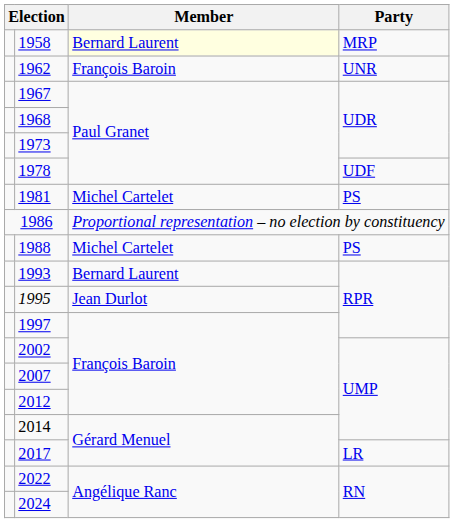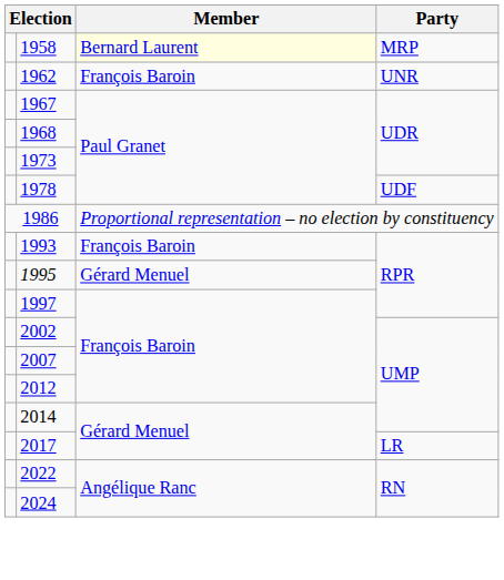 <table class="wikitable">
 <tr>
 <th colspan="2">Election</th>
 <th>Member</th>
 <th>Party</th>
 </tr>
 <tr>
 <td style="color:inherit;background-color: "></td>
 <td><a href='#'>1958</a></td>
 <td style="background: lightyellow;"><a href='#'>Bernard Laurent</a></td>
 <td><a href='#'>MRP</a></td>
 </tr>
 <tr>
 <td style="color:inherit;background-color: "></td>
 <td><a href='#'>1962</a></td>
 <td><a href='#'>François Baroin</a></td>
 <td><a href='#'>UNR</a></td>
 </tr>
 <tr>
 <td style="color:inherit;background-color: "></td>
 <td><a href='#'>1967</a></td>
 <td rowspan="4"><a href='#'>Paul Granet</a></td>
 <td rowspan="3"><a href='#'>UDR</a></td>
 </tr>
 <tr>
 <td style="color:inherit;background-color: "></td>
 <td><a href='#'>1968</a></td>
 </tr>
 <tr>
 <td style="color:inherit;background-color: "></td>
 <td><a href='#'>1973</a></td>
 </tr>
 <tr>
 <td style="color:inherit;background-color: "></td>
 <td><a href='#'>1978</a></td>
 <td><a href='#'>UDF</a></td>
 </tr>
 <tr>
-<td style="color:inherit;background-color: "></td>
-<td><a href='#'>1981</a></td>
-<td><a href='#'>Michel Cartelet</a></td>
-<td><a href='#'>PS</a></td>
-</tr>
-<tr>
 <td colspan="2" align="center"><a href='#'>1986</a></td>
 <td colspan="2"><em><a href='#'>Proportional representation</a> – no election by constituency</em></td>
 </tr>
 <tr>
 <td style="color:inherit;background-color: "></td>
-<td><a href='#'>1988</a></td>
-<td><a href='#'>Michel Cartelet</a></td>
-<td><a href='#'>PS</a></td>
-</tr>
-<tr>
-<td style="color:inherit;background-color: "></td>
 <td><a href='#'>1993</a></td>
-<td><a href='#'>Bernard Laurent</a></td>
+<td><a href='#'>François Baroin</a></td>
 <td rowspan="3"><a href='#'>RPR</a></td>
 </tr>
 <tr>
 <td style="color:inherit;background-color: "></td>
 <td><em>1995</em></td>
-<td><a href='#'>Jean Durlot</a></td>
+<td><a href='#'>Gérard Menuel</a></td>
 </tr>
 <tr>
 <td style="color:inherit;background-color: "></td>
 <td><a href='#'>1997</a></td>
 <td rowspan="4"><a href='#'>François Baroin</a></td>
 </tr>
 <tr>
 <td style="color:inherit;background-color: "></td>
 <td><a href='#'>2002</a></td>
 <td rowspan="4"><a href='#'>UMP</a></td>
 </tr>
 <tr>
 <td style="color:inherit;background-color: "></td>
 <td><a href='#'>2007</a></td>
 </tr>
 <tr>
 <td style="color:inherit;background-color: "></td>
 <td><a href='#'>2012</a></td>
 </tr>
 <tr>
 <td style="color:inherit;background-color: "></td>
 <td>2014</td>
 <td rowspan="2"><a href='#'>Gérard Menuel</a></td>
 </tr>
 <tr>
 <td style="color:inherit;background-color: "></td>
 <td><a href='#'>2017</a></td>
 <td><a href='#'>LR</a></td>
 </tr>
 <tr>
 <td style="color:inherit;background-color: "></td>
 <td><a href='#'>2022</a></td>
 <td rowspan="2"><a href='#'>Angélique Ranc</a></td>
 <td rowspan="2"><a href='#'>RN</a></td>
 </tr>
 <tr>
 <td style="color:inherit;background-color: "></td>
 <td><a href='#'>2024</a></td>
 </tr>
 </table>
